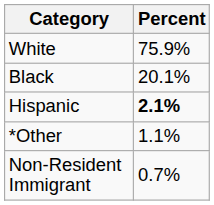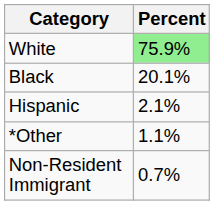 <table class="wikitable">
 <tr>
 <th width=105px>Category</th>
 <th>Percent</th>
 </tr>
 <tr>
 <td>White</td>
-<td>75.9%</td>
+<td style="background: lightgreen;">75.9%</td>
 </tr>
 <tr>
 <td>Black</td>
 <td>20.1%</td>
 </tr>
 <tr>
 <td>Hispanic</td>
-<td><strong>2.1%</strong></td>
+<td>2.1%</td>
 </tr>
 <tr>
 <td>*Other</td>
 <td>1.1%</td>
 </tr>
 <tr>
 <td>Non-Resident Immigrant</td>
 <td>0.7%</td>
 </tr>
 </table>
